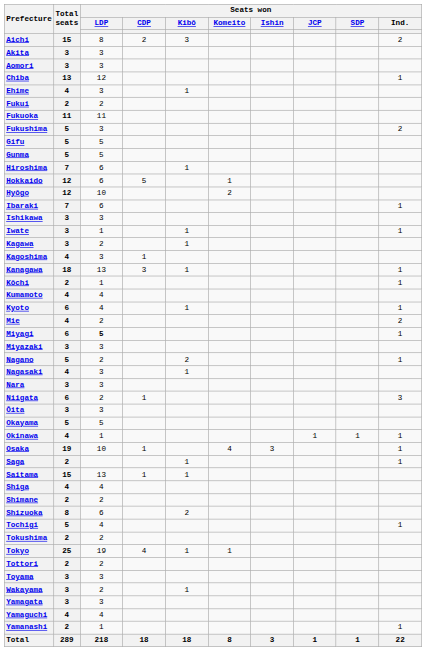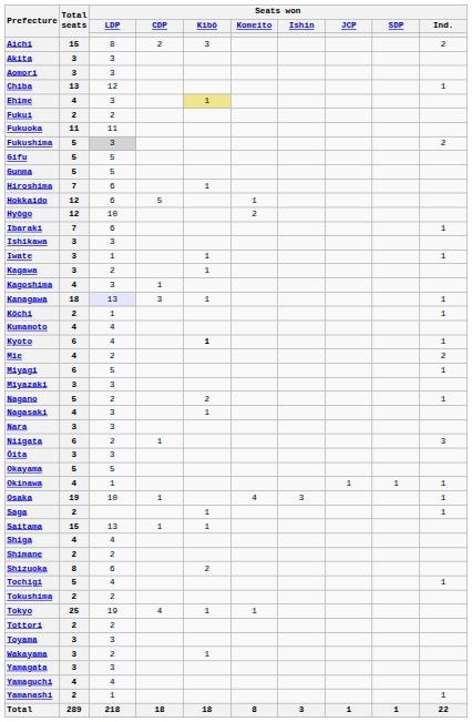 <table class="wikitable" style="text-align:center; font-size: 0.9em;">
 <tr>
 <th rowspan="3">Prefecture</th>
 <th rowspan="3">Total<br>seats</th>
 <th colspan="8">Seats won</th>
 </tr>
 <tr>
 <th class="unsortable" style="width:60px;"><a href='#'>LDP</a></th>
 <th class="unsortable" style="width:60px;"><a href='#'>CDP</a></th>
 <th class="unsortable" style="width:60px;"><a href='#'>Kibō</a></th>
 <th class="unsortable" style="width:60px;"><a href='#'>Komeito</a></th>
 <th class="unsortable" style="width:60px;"><a href='#'>Ishin</a></th>
 <th class="unsortable" style="width:60px;"><a href='#'>JCP</a></th>
 <th class="unsortable" style="width:60px;"><a href='#'>SDP</a></th>
 <th class="unsortable" style="width:60px;">Ind.</th>
 </tr>
 <tr>
 <th style="color:inherit;background:"></th>
 <th style="color:inherit;background:"></th>
 <th style="color:inherit;background:"></th>
 <th style="color:inherit;background:"></th>
 <th style="color:inherit;background:"></th>
 <th style="color:inherit;background:"></th>
 <th style="color:inherit;background:"></th>
 <th style="color:inherit;background:"></th>
 </tr>
 <tr>
 <th style="text-align: left;"><a href='#'>Aichi</a></th>
 <th>15</th>
 <td>8</td>
 <td>2</td>
 <td>3</td>
 <td></td>
 <td></td>
 <td></td>
 <td></td>
 <td>2</td>
 </tr>
 <tr>
 <th style="text-align: left;"><a href='#'>Akita</a></th>
 <th>3</th>
 <td>3</td>
 <td></td>
 <td></td>
 <td></td>
 <td></td>
 <td></td>
 <td></td>
 <td></td>
 </tr>
 <tr>
 <th style="text-align: left;"><a href='#'>Aomori</a></th>
 <th>3</th>
 <td>3</td>
 <td></td>
 <td></td>
 <td></td>
 <td></td>
 <td></td>
 <td></td>
 <td></td>
 </tr>
 <tr>
 <th style="text-align: left;"><a href='#'>Chiba</a></th>
 <th>13</th>
 <td>12</td>
 <td></td>
 <td></td>
 <td></td>
 <td></td>
 <td></td>
 <td></td>
 <td>1</td>
 </tr>
 <tr>
 <th style="text-align: left;"><a href='#'>Ehime</a></th>
 <th>4</th>
 <td>3</td>
 <td></td>
-<td>1</td>
+<td style="background: khaki;">1</td>
 <td></td>
 <td></td>
 <td></td>
 <td></td>
 <td></td>
 </tr>
 <tr>
 <th style="text-align: left;"><a href='#'>Fukui</a></th>
 <th>2</th>
 <td>2</td>
 <td></td>
 <td></td>
 <td></td>
 <td></td>
 <td></td>
 <td></td>
 <td></td>
 </tr>
 <tr>
 <th style="text-align: left;"><a href='#'>Fukuoka</a></th>
 <th>11</th>
 <td>11</td>
 <td></td>
 <td></td>
 <td></td>
 <td></td>
 <td></td>
 <td></td>
 <td></td>
 </tr>
 <tr>
 <th style="text-align: left;"><a href='#'>Fukushima</a></th>
 <th>5</th>
-<td>3</td>
+<td style="background: lightgrey;">3</td>
 <td></td>
 <td></td>
 <td></td>
 <td></td>
 <td></td>
 <td></td>
 <td>2</td>
 </tr>
 <tr>
 <th style="text-align: left;"><a href='#'>Gifu</a></th>
 <th>5</th>
 <td>5</td>
 <td></td>
 <td></td>
 <td></td>
 <td></td>
 <td></td>
 <td></td>
 <td></td>
 </tr>
 <tr>
 <th style="text-align: left;"><a href='#'>Gunma</a></th>
 <th>5</th>
 <td>5</td>
 <td></td>
 <td></td>
 <td></td>
 <td></td>
 <td></td>
 <td></td>
 <td></td>
 </tr>
 <tr>
 <th style="text-align: left;"><a href='#'>Hiroshima</a></th>
 <th>7</th>
 <td>6</td>
 <td></td>
 <td>1</td>
 <td></td>
 <td></td>
 <td></td>
 <td></td>
 <td></td>
 </tr>
 <tr>
 <th style="text-align: left;"><a href='#'>Hokkaido</a></th>
 <th>12</th>
 <td>6</td>
 <td>5</td>
 <td></td>
 <td>1</td>
 <td></td>
 <td></td>
 <td></td>
 <td></td>
 </tr>
 <tr>
 <th style="text-align: left;"><a href='#'>Hyōgo</a></th>
 <th>12</th>
 <td>10</td>
 <td></td>
 <td></td>
 <td>2</td>
 <td></td>
 <td></td>
 <td></td>
 <td></td>
 </tr>
 <tr>
 <th style="text-align: left;"><a href='#'>Ibaraki</a></th>
 <th>7</th>
 <td>6</td>
 <td></td>
 <td></td>
 <td></td>
 <td></td>
 <td></td>
 <td></td>
 <td>1</td>
 </tr>
 <tr>
 <th style="text-align: left;"><a href='#'>Ishikawa</a></th>
 <th>3</th>
 <td>3</td>
 <td></td>
 <td></td>
 <td></td>
 <td></td>
 <td></td>
 <td></td>
 <td></td>
 </tr>
 <tr>
 <th style="text-align: left;"><a href='#'>Iwate</a></th>
 <th>3</th>
 <td>1</td>
 <td></td>
 <td>1</td>
 <td></td>
 <td></td>
 <td></td>
 <td></td>
 <td>1</td>
 </tr>
 <tr>
 <th style="text-align: left;"><a href='#'>Kagawa</a></th>
 <th>3</th>
 <td>2</td>
 <td></td>
 <td>1</td>
 <td></td>
 <td></td>
 <td></td>
 <td></td>
 <td></td>
 </tr>
 <tr>
 <th style="text-align: left;"><a href='#'>Kagoshima</a></th>
 <th>4</th>
 <td>3</td>
 <td>1</td>
 <td></td>
 <td></td>
 <td></td>
 <td></td>
 <td></td>
 <td></td>
 </tr>
 <tr>
 <th style="text-align: left;"><a href='#'>Kanagawa</a></th>
 <th>18</th>
-<td>13</td>
+<td style="background: lavender;">13</td>
 <td>3</td>
 <td>1</td>
 <td></td>
 <td></td>
 <td></td>
 <td></td>
 <td>1</td>
 </tr>
 <tr>
 <th style="text-align: left;"><a href='#'>Kōchi</a></th>
 <th>2</th>
 <td>1</td>
 <td></td>
 <td></td>
 <td></td>
 <td></td>
 <td></td>
 <td></td>
 <td>1</td>
 </tr>
 <tr>
 <th style="text-align: left;"><a href='#'>Kumamoto</a></th>
 <th>4</th>
 <td>4</td>
 <td></td>
 <td></td>
 <td></td>
 <td></td>
 <td></td>
 <td></td>
 <td></td>
 </tr>
 <tr>
 <th style="text-align: left;"><a href='#'>Kyoto</a></th>
 <th>6</th>
 <td>4</td>
 <td></td>
-<td>1</td>
+<td><strong>1</strong></td>
 <td></td>
 <td></td>
 <td></td>
 <td></td>
 <td>1</td>
 </tr>
 <tr>
 <th style="text-align: left;"><a href='#'>Mie</a></th>
 <th>4</th>
 <td>2</td>
 <td></td>
 <td></td>
 <td></td>
 <td></td>
 <td></td>
 <td></td>
 <td>2</td>
 </tr>
 <tr>
 <th style="text-align: left;"><a href='#'>Miyagi</a></th>
 <th>6</th>
-<td><strong>5</strong></td>
+<td>5</td>
 <td></td>
 <td></td>
 <td></td>
 <td></td>
 <td></td>
 <td></td>
 <td>1</td>
 </tr>
 <tr>
 <th style="text-align: left;"><a href='#'>Miyazaki</a></th>
 <th>3</th>
 <td>3</td>
 <td></td>
 <td></td>
 <td></td>
 <td></td>
 <td></td>
 <td></td>
 <td></td>
 </tr>
 <tr>
 <th style="text-align: left;"><a href='#'>Nagano</a></th>
 <th>5</th>
 <td>2</td>
 <td></td>
 <td>2</td>
 <td></td>
 <td></td>
 <td></td>
 <td></td>
 <td>1</td>
 </tr>
 <tr>
 <th style="text-align: left;"><a href='#'>Nagasaki</a></th>
 <th>4</th>
 <td>3</td>
 <td></td>
 <td>1</td>
 <td></td>
 <td></td>
 <td></td>
 <td></td>
 <td></td>
 </tr>
 <tr>
 <th style="text-align: left;"><a href='#'>Nara</a></th>
 <th>3</th>
 <td>3</td>
 <td></td>
 <td></td>
 <td></td>
 <td></td>
 <td></td>
 <td></td>
 <td></td>
 </tr>
 <tr>
 <th style="text-align: left;"><a href='#'>Niigata</a></th>
 <th>6</th>
 <td>2</td>
 <td>1</td>
 <td></td>
 <td></td>
 <td></td>
 <td></td>
 <td></td>
 <td>3</td>
 </tr>
 <tr>
 <th style="text-align: left;"><a href='#'>Ōita</a></th>
 <th>3</th>
 <td>3</td>
 <td></td>
 <td></td>
 <td></td>
 <td></td>
 <td></td>
 <td></td>
 <td></td>
 </tr>
 <tr>
 <th style="text-align: left;"><a href='#'>Okayama</a></th>
 <th>5</th>
 <td>5</td>
 <td></td>
 <td></td>
 <td></td>
 <td></td>
 <td></td>
 <td></td>
 <td></td>
 </tr>
 <tr>
 <th style="text-align: left;"><a href='#'>Okinawa</a></th>
 <th>4</th>
 <td>1</td>
 <td></td>
 <td></td>
 <td></td>
 <td></td>
 <td>1</td>
 <td>1</td>
 <td>1</td>
 </tr>
 <tr>
 <th style="text-align: left;"><a href='#'>Osaka</a></th>
 <th>19</th>
 <td>10</td>
 <td>1</td>
 <td></td>
 <td>4</td>
 <td>3</td>
 <td></td>
 <td></td>
 <td>1</td>
 </tr>
 <tr>
 <th style="text-align: left;"><a href='#'>Saga</a></th>
 <th>2</th>
 <td></td>
 <td></td>
 <td>1</td>
 <td></td>
 <td></td>
 <td></td>
 <td></td>
 <td>1</td>
 </tr>
 <tr>
 <th style="text-align: left;"><a href='#'>Saitama</a></th>
 <th>15</th>
 <td>13</td>
 <td>1</td>
 <td>1</td>
 <td></td>
 <td></td>
 <td></td>
 <td></td>
 <td></td>
 </tr>
 <tr>
 <th style="text-align: left;"><a href='#'>Shiga</a></th>
 <th>4</th>
 <td>4</td>
 <td></td>
 <td></td>
 <td></td>
 <td></td>
 <td></td>
 <td></td>
 <td></td>
 </tr>
 <tr>
 <th style="text-align: left;"><a href='#'>Shimane</a></th>
 <th>2</th>
 <td>2</td>
 <td></td>
 <td></td>
 <td></td>
 <td></td>
 <td></td>
 <td></td>
 <td></td>
 </tr>
 <tr>
 <th style="text-align: left;"><a href='#'>Shizuoka</a></th>
 <th>8</th>
 <td>6</td>
 <td></td>
 <td>2</td>
 <td></td>
 <td></td>
 <td></td>
 <td></td>
 <td></td>
 </tr>
 <tr>
 <th style="text-align: left;"><a href='#'>Tochigi</a></th>
 <th>5</th>
 <td>4</td>
 <td></td>
 <td></td>
 <td></td>
 <td></td>
 <td></td>
 <td></td>
 <td>1</td>
 </tr>
 <tr>
 <th style="text-align: left;"><a href='#'>Tokushima</a></th>
 <th>2</th>
 <td>2</td>
 <td></td>
 <td></td>
 <td></td>
 <td></td>
 <td></td>
 <td></td>
 <td></td>
 </tr>
 <tr>
 <th style="text-align: left;"><a href='#'>Tokyo</a></th>
 <th>25</th>
 <td>19</td>
 <td>4</td>
 <td>1</td>
 <td>1</td>
 <td></td>
 <td></td>
 <td></td>
 <td></td>
 </tr>
 <tr>
 <th style="text-align: left;"><a href='#'>Tottori</a></th>
 <th>2</th>
 <td>2</td>
 <td></td>
 <td></td>
 <td></td>
 <td></td>
 <td></td>
 <td></td>
 <td></td>
 </tr>
 <tr>
 <th style="text-align: left;"><a href='#'>Toyama</a></th>
 <th>3</th>
 <td>3</td>
 <td></td>
 <td></td>
 <td></td>
 <td></td>
 <td></td>
 <td></td>
 <td></td>
 </tr>
 <tr>
 <th style="text-align: left;"><a href='#'>Wakayama</a></th>
 <th>3</th>
 <td>2</td>
 <td></td>
 <td>1</td>
 <td></td>
 <td></td>
 <td></td>
 <td></td>
 <td></td>
 </tr>
 <tr>
 <th style="text-align: left;"><a href='#'>Yamagata</a></th>
 <th>3</th>
 <td>3</td>
 <td></td>
 <td></td>
 <td></td>
 <td></td>
 <td></td>
 <td></td>
 <td></td>
 </tr>
 <tr>
 <th style="text-align: left;"><a href='#'>Yamaguchi</a></th>
 <th>4</th>
 <td>4</td>
 <td></td>
 <td></td>
 <td></td>
 <td></td>
 <td></td>
 <td></td>
 <td></td>
 </tr>
 <tr>
 <th style="text-align: left;"><a href='#'>Yamanashi</a></th>
 <th>2</th>
 <td>1</td>
 <td></td>
 <td></td>
 <td></td>
 <td></td>
 <td></td>
 <td></td>
 <td>1</td>
 </tr>
 <tr class="sortbottom">
 <th style="text-align: left;">Total</th>
 <th>289</th>
 <th>218</th>
 <th>18</th>
 <th>18</th>
 <th>8</th>
 <th>3</th>
 <th>1</th>
 <th>1</th>
 <th>22</th>
 </tr>
 </table>
